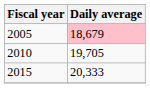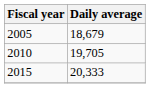 <table class="wikitable">
 <tr>
 <th>Fiscal year</th>
 <th>Daily average</th>
 </tr>
 <tr>
 <td>2005</td>
-<td style="background: pink;">18,679</td>
+<td>18,679</td>
 </tr>
 <tr>
 <td>2010</td>
 <td>19,705</td>
 </tr>
 <tr>
 <td>2015</td>
 <td>20,333</td>
 </tr>
 <tr>
 </tr>
 </table>
